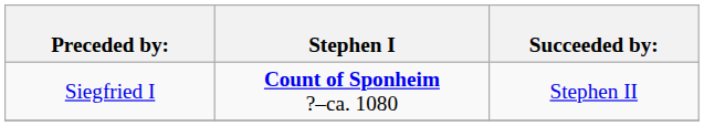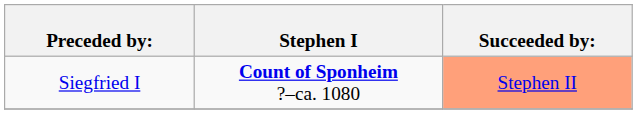 <table class="wikitable" style="margin:1em auto;">
 <tr align="center">
 <th width=150px><br>Preceded by:</th>
 <th width=200px><br>Stephen I</th>
 <th width=150px><br>Succeeded by:</th>
 </tr>
 <tr align="center">
 <td><a href='#'>Siegfried I</a></td>
 <td><strong><a href='#'>Count of Sponheim</a></strong><br>?–ca. 1080</td>
-<td><a href='#'>Stephen II</a></td>
+<td style="background: lightsalmon;"><a href='#'>Stephen II</a></td>
 </tr>
 <tr>
 </tr>
 </table>
